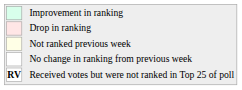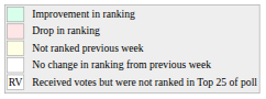 <table align=top style="font-size:90%; border:1px solid #AAAAAA; white-space:nowrap; background:#EEEEEE;">
 <tr>
 <td style="background:#D8FFEB; width:20px; border:1px solid #AAAAAA;"> </td>
 <td rowspan=5> </td>
 <td>Improvement in ranking</td>
 </tr>
 <tr>
 <td style="background:#FFE6E6; width:20px; border:1px solid #AAAAAA;"> </td>
 <td>Drop in ranking</td>
 </tr>
 <tr>
 <td style="background:#FFFFE6; width:20px; border:1px solid #AAAAAA;"> </td>
 <td>Not ranked previous week</td>
 </tr>
 <tr>
 <td style="background:#FFF; width:20px; border:1px solid #AAAAAA;"> </td>
 <td>No change in ranking from previous week</td>
 </tr>
 <tr>
-<td align=center style="width:20px; border:1px solid #AAAAAA; background:white;"><strong>RV</strong></td>
+<td align=center style="width:20px; border:1px solid #AAAAAA; background:white;">RV</td>
 <td>Received votes but were not ranked in Top 25 of poll</td>
 </tr>
 <tr>
 </tr>
 </table>
